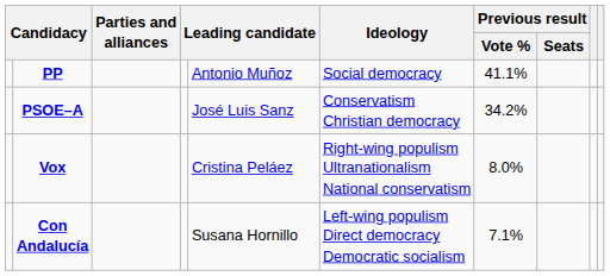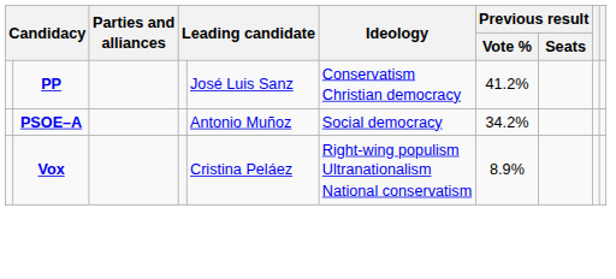 <table class="wikitable" style="line-height:1.35em; text-align:left;">
 <tr>
 <th colspan="2" rowspan="2">Candidacy</th>
 <th rowspan="2">Parties and<br>alliances</th>
 <th colspan="2" rowspan="2">Leading candidate</th>
 <th rowspan="2">Ideology</th>
 <th colspan="2">Previous result</th>
 <th rowspan="2"></th>
 <th rowspan="2"></th>
 </tr>
 <tr>
 <th>Vote %</th>
 <th>Seats</th>
 </tr>
 <tr>
 <td width="1" style="color:inherit;background:"></td>
 <td align="center"><strong><a href='#'>PP</a></strong></td>
 <td></td>
 <td></td>
-<td><a href='#'>Antonio Muñoz</a></td>
-<td><a href='#'>Social democracy</a></td>
-<td align="center">41.1%</td>
+<td><a href='#'>José Luis Sanz</a></td>
+<td><a href='#'>Conservatism</a><br><a href='#'>Christian democracy</a></td>
+<td align="center">41.2%</td>
 <td></td>
 <td></td>
 <td></td>
 </tr>
 <tr>
 <td style="color:inherit;background:"></td>
 <td align="center"><strong><a href='#'>PSOE–A</a></strong></td>
 <td></td>
 <td></td>
-<td><a href='#'>José Luis Sanz</a></td>
-<td><a href='#'>Conservatism</a><br><a href='#'>Christian democracy</a></td>
+<td><a href='#'>Antonio Muñoz</a></td>
+<td><a href='#'>Social democracy</a></td>
 <td align="center">34.2%</td>
 <td></td>
 <td></td>
 <td></td>
 </tr>
 <tr>
 <td style="color:inherit;background:"></td>
 <td align="center"><strong><a href='#'>Vox</a></strong></td>
 <td></td>
 <td></td>
 <td><a href='#'>Cristina Peláez</a></td>
 <td><a href='#'>Right-wing populism</a><br><a href='#'>Ultranationalism</a><br><a href='#'>National conservatism</a></td>
-<td align="center">8.0%</td>
-<td></td>
-<td></td>
-<td></td>
-</tr>
-<tr>
-<td style="color:inherit;background:"></td>
-<td align="center"><strong><a href='#'>Con<br>Andalucía</a></strong></td>
-<td></td>
-<td></td>
-<td>Susana Hornillo</td>
-<td><a href='#'>Left-wing populism</a><br><a href='#'>Direct democracy</a><br><a href='#'>Democratic socialism</a></td>
-<td align="center">7.1%</td>
+<td align="center">8.9%</td>
 <td></td>
 <td></td>
 <td></td>
 </tr>
 </table>
